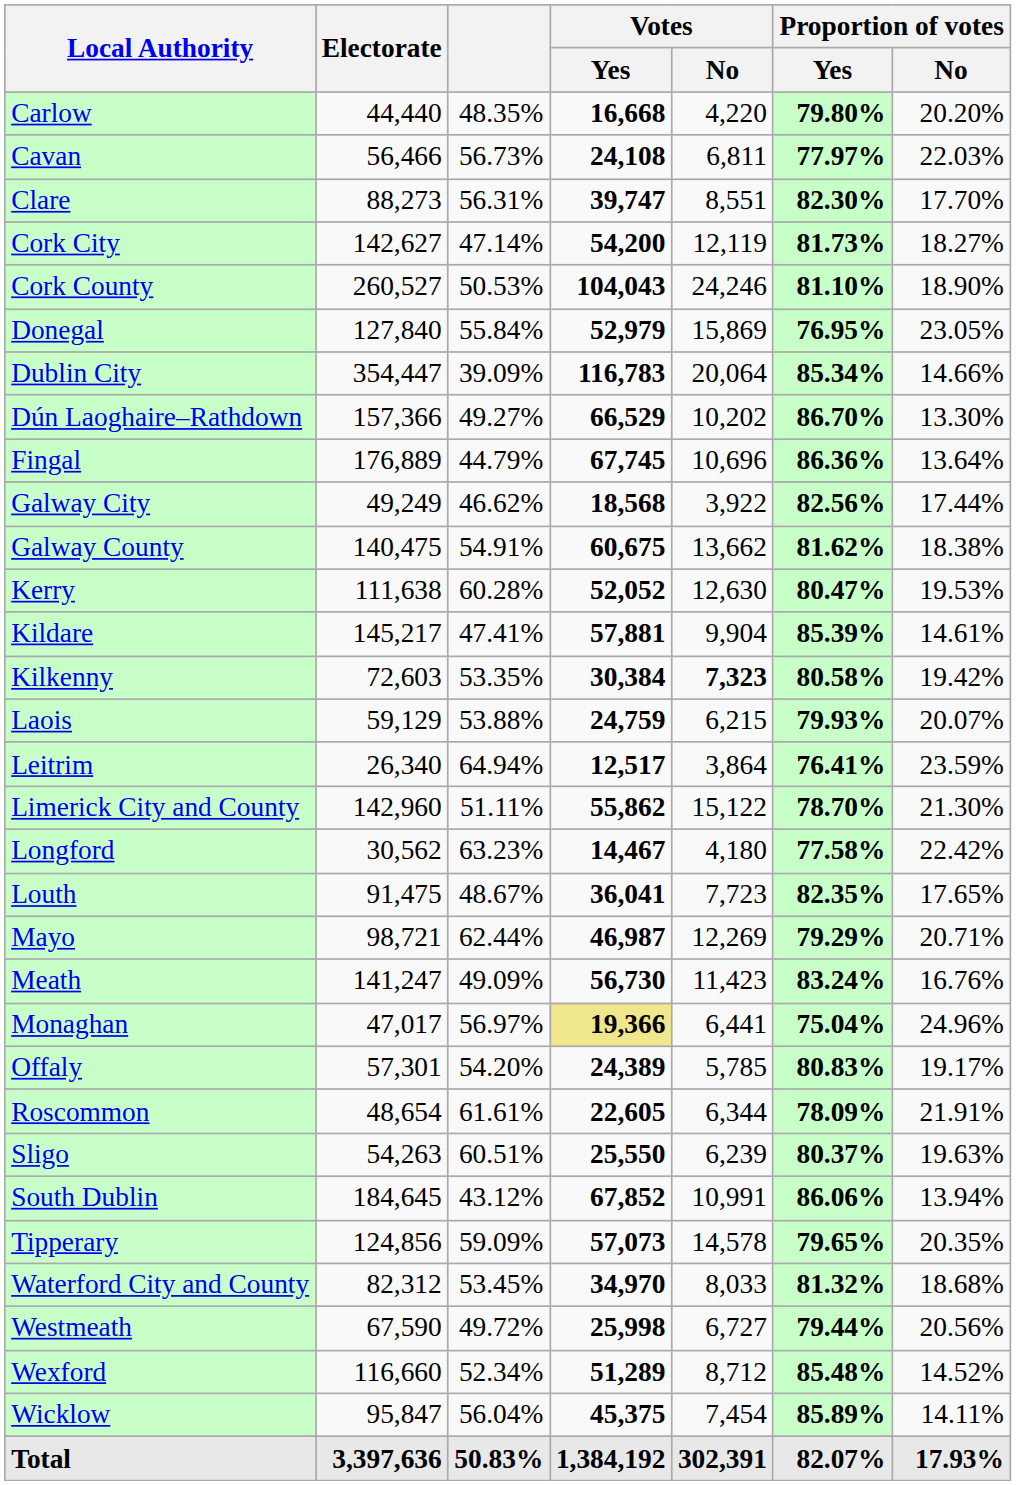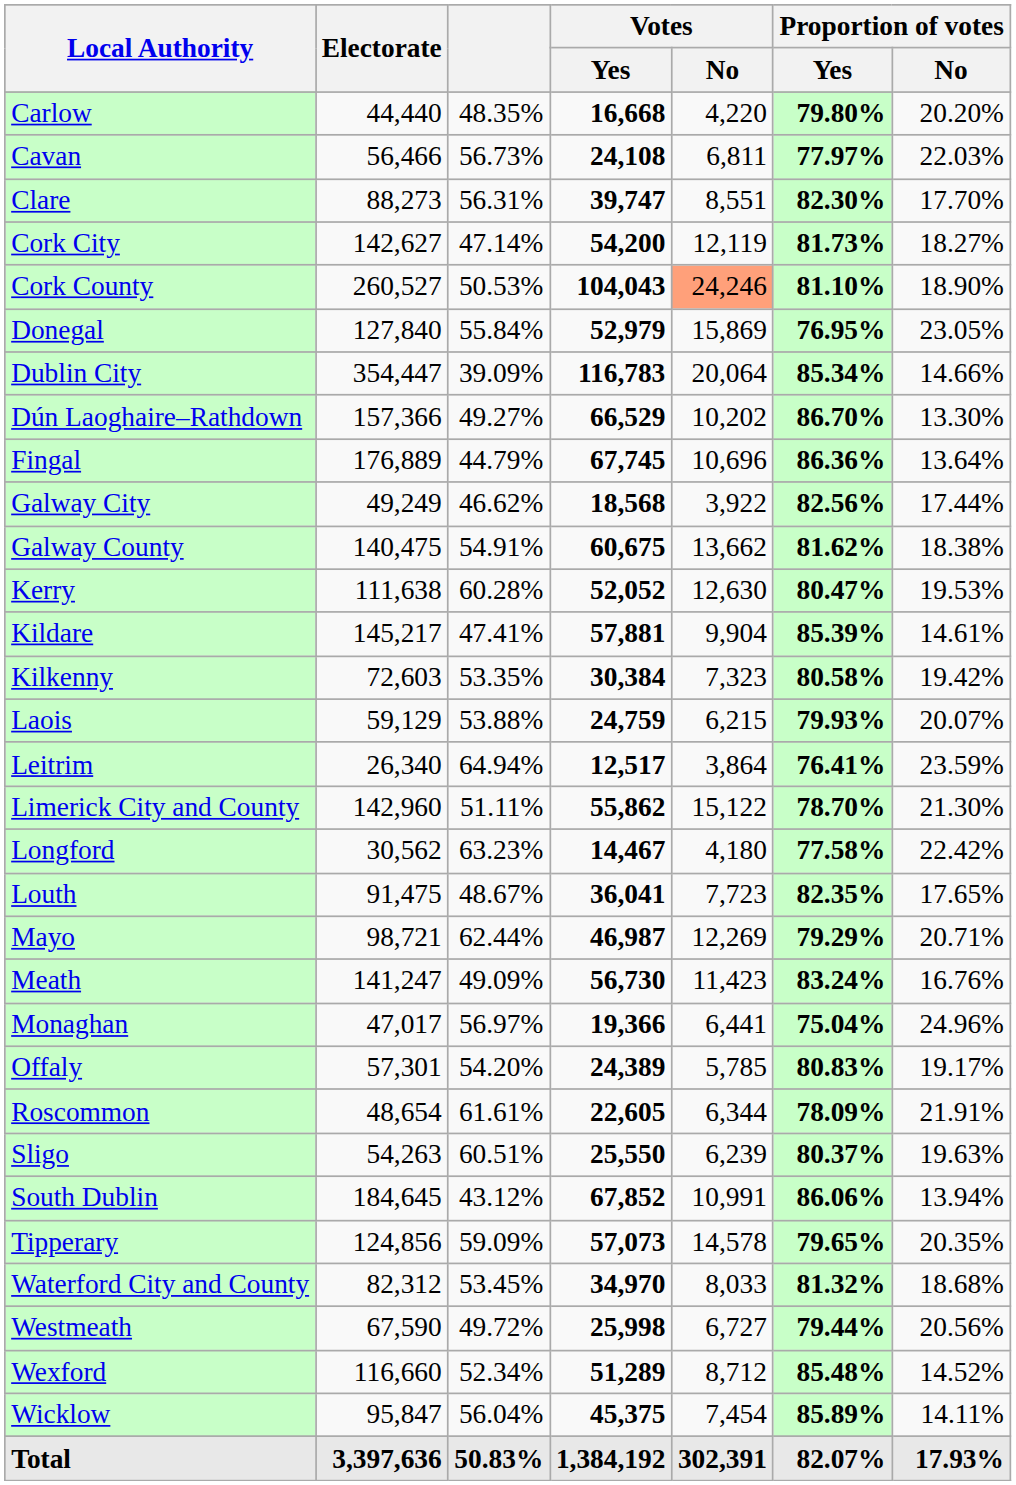 <table class="wikitable sortable">
 <tr>
 <th rowspan=2><a href='#'>Local Authority</a></th>
 <th rowspan=2>Electorate</th>
 <th rowspan=2></th>
 <th colspan=2>Votes</th>
 <th colspan=2>Proportion of votes</th>
 </tr>
 <tr>
 <th>Yes</th>
 <th>No</th>
 <th>Yes</th>
 <th>No</th>
 </tr>
 <tr>
 <td style="background:#c8ffc8;"><a href='#'>Carlow</a></td>
 <td style="text-align: right;">44,440</td>
 <td style="text-align: right;">48.35%</td>
 <td style="text-align: right;"><strong>16,668</strong></td>
 <td style="text-align: right;">4,220</td>
 <td style="text-align: right; background:#c8ffc8;"><strong>79.80%</strong></td>
 <td style="text-align: right;">20.20%</td>
 </tr>
 <tr>
 <td style="background:#c8ffc8;"><a href='#'>Cavan</a></td>
 <td style="text-align: right;">56,466</td>
 <td style="text-align: right;">56.73%</td>
 <td style="text-align: right;"><strong>24,108</strong></td>
 <td style="text-align: right;">6,811</td>
 <td style="text-align: right; background:#c8ffc8;"><strong>77.97%</strong></td>
 <td style="text-align: right;">22.03%</td>
 </tr>
 <tr>
 <td style="background:#c8ffc8;"><a href='#'>Clare</a></td>
 <td style="text-align: right;">88,273</td>
 <td style="text-align: right;">56.31%</td>
 <td style="text-align: right;"><strong>39,747</strong></td>
 <td style="text-align: right;">8,551</td>
 <td style="text-align: right; background:#c8ffc8;"><strong>82.30%</strong></td>
 <td style="text-align: right;">17.70%</td>
 </tr>
 <tr>
 <td style="background:#c8ffc8;"><a href='#'>Cork City</a></td>
 <td style="text-align: right;">142,627</td>
 <td style="text-align: right;">47.14%</td>
 <td style="text-align: right;"><strong>54,200</strong></td>
 <td style="text-align: right;">12,119</td>
 <td style="text-align: right; background:#c8ffc8;"><strong>81.73%</strong></td>
 <td style="text-align: right;">18.27%</td>
 </tr>
 <tr>
 <td style="background:#c8ffc8;"><a href='#'>Cork County</a></td>
 <td style="text-align: right;">260,527</td>
 <td style="text-align: right;">50.53%</td>
 <td style="text-align: right;"><strong>104,043</strong></td>
-<td style="text-align: right;">24,246</td>
+<td style="background: lightsalmon; text-align: right;">24,246</td>
 <td style="text-align: right; background:#c8ffc8;"><strong>81.10%</strong></td>
 <td style="text-align: right;">18.90%</td>
 </tr>
 <tr>
 <td style="background:#c8ffc8;"><a href='#'>Donegal</a></td>
 <td style="text-align: right;">127,840</td>
 <td style="text-align: right;">55.84%</td>
 <td style="text-align: right;"><strong>52,979</strong></td>
 <td style="text-align: right;">15,869</td>
 <td style="text-align: right; background:#c8ffc8;"><strong>76.95%</strong></td>
 <td style="text-align: right;">23.05%</td>
 </tr>
 <tr>
 <td style="background:#c8ffc8;"><a href='#'>Dublin City</a></td>
 <td style="text-align: right;">354,447</td>
 <td style="text-align: right;">39.09%</td>
 <td style="text-align: right;"><strong>116,783</strong></td>
 <td style="text-align: right;">20,064</td>
 <td style="text-align: right; background:#c8ffc8;"><strong>85.34%</strong></td>
 <td style="text-align: right;">14.66%</td>
 </tr>
 <tr>
 <td style="background:#c8ffc8;"><a href='#'>Dún Laoghaire–Rathdown</a></td>
 <td style="text-align: right;">157,366</td>
 <td style="text-align: right;">49.27%</td>
 <td style="text-align: right;"><strong>66,529</strong></td>
 <td style="text-align: right;">10,202</td>
 <td style="text-align: right; background:#c8ffc8;"><strong>86.70%</strong></td>
 <td style="text-align: right;">13.30%</td>
 </tr>
 <tr>
 <td style="background:#c8ffc8;"><a href='#'>Fingal</a></td>
 <td style="text-align: right;">176,889</td>
 <td style="text-align: right;">44.79%</td>
 <td style="text-align: right;"><strong>67,745</strong></td>
 <td style="text-align: right;">10,696</td>
 <td style="text-align: right; background:#c8ffc8;"><strong>86.36%</strong></td>
 <td style="text-align: right;">13.64%</td>
 </tr>
 <tr>
 <td style="background:#c8ffc8;"><a href='#'>Galway City</a></td>
 <td style="text-align: right;">49,249</td>
 <td style="text-align: right;">46.62%</td>
 <td style="text-align: right;"><strong>18,568</strong></td>
 <td style="text-align: right;">3,922</td>
 <td style="text-align: right; background:#c8ffc8;"><strong>82.56%</strong></td>
 <td style="text-align: right;">17.44%</td>
 </tr>
 <tr>
 <td style="background:#c8ffc8;"><a href='#'>Galway County</a></td>
 <td style="text-align: right;">140,475</td>
 <td style="text-align: right;">54.91%</td>
 <td style="text-align: right;"><strong>60,675</strong></td>
 <td style="text-align: right;">13,662</td>
 <td style="text-align: right; background:#c8ffc8;"><strong>81.62%</strong></td>
 <td style="text-align: right;">18.38%</td>
 </tr>
 <tr>
 <td style="background:#c8ffc8;"><a href='#'>Kerry</a></td>
 <td style="text-align: right;">111,638</td>
 <td style="text-align: right;">60.28%</td>
 <td style="text-align: right;"><strong>52,052</strong></td>
 <td style="text-align: right;">12,630</td>
 <td style="text-align: right; background:#c8ffc8;"><strong>80.47%</strong></td>
 <td style="text-align: right;">19.53%</td>
 </tr>
 <tr>
 <td style="background:#c8ffc8;"><a href='#'>Kildare</a></td>
 <td style="text-align: right;">145,217</td>
 <td style="text-align: right;">47.41%</td>
 <td style="text-align: right;"><strong>57,881</strong></td>
 <td style="text-align: right;">9,904</td>
 <td style="text-align: right; background:#c8ffc8;"><strong>85.39%</strong></td>
 <td style="text-align: right;">14.61%</td>
 </tr>
 <tr>
 <td style="background:#c8ffc8;"><a href='#'>Kilkenny</a></td>
 <td style="text-align: right;">72,603</td>
 <td style="text-align: right;">53.35%</td>
 <td style="text-align: right;"><strong>30,384</strong></td>
-<td style="text-align: right;"><strong>7,323</strong></td>
+<td style="text-align: right;">7,323</td>
 <td style="text-align: right; background:#c8ffc8;"><strong>80.58%</strong></td>
 <td style="text-align: right;">19.42%</td>
 </tr>
 <tr>
 <td style="background:#c8ffc8;"><a href='#'>Laois</a></td>
 <td style="text-align: right;">59,129</td>
 <td style="text-align: right;">53.88%</td>
 <td style="text-align: right;"><strong>24,759</strong></td>
 <td style="text-align: right;">6,215</td>
 <td style="text-align: right; background:#c8ffc8;"><strong>79.93%</strong></td>
 <td style="text-align: right;">20.07%</td>
 </tr>
 <tr>
 <td style="background:#c8ffc8;"><a href='#'>Leitrim</a></td>
 <td style="text-align: right;">26,340</td>
 <td style="text-align: right;">64.94%</td>
 <td style="text-align: right;"><strong>12,517</strong></td>
 <td style="text-align: right;">3,864</td>
 <td style="text-align: right; background:#c8ffc8;"><strong>76.41%</strong></td>
 <td style="text-align: right;">23.59%</td>
 </tr>
 <tr>
 <td style="background:#c8ffc8;"><a href='#'>Limerick City and County</a></td>
 <td style="text-align: right;">142,960</td>
 <td style="text-align: right;">51.11%</td>
 <td style="text-align: right;"><strong>55,862</strong></td>
 <td style="text-align: right;">15,122</td>
 <td style="text-align: right; background:#c8ffc8;"><strong>78.70%</strong></td>
 <td style="text-align: right;">21.30%</td>
 </tr>
 <tr>
 <td style="background:#c8ffc8;"><a href='#'>Longford</a></td>
 <td style="text-align: right;">30,562</td>
 <td style="text-align: right;">63.23%</td>
 <td style="text-align: right;"><strong>14,467</strong></td>
 <td style="text-align: right;">4,180</td>
 <td style="text-align: right; background:#c8ffc8;"><strong>77.58%</strong></td>
 <td style="text-align: right;">22.42%</td>
 </tr>
 <tr>
 <td style="background:#c8ffc8;"><a href='#'>Louth</a></td>
 <td style="text-align: right;">91,475</td>
 <td style="text-align: right;">48.67%</td>
 <td style="text-align: right;"><strong>36,041</strong></td>
 <td style="text-align: right;">7,723</td>
 <td style="text-align: right; background:#c8ffc8;"><strong>82.35%</strong></td>
 <td style="text-align: right;">17.65%</td>
 </tr>
 <tr>
 <td style="background:#c8ffc8;"><a href='#'>Mayo</a></td>
 <td style="text-align: right;">98,721</td>
 <td style="text-align: right;">62.44%</td>
 <td style="text-align: right;"><strong>46,987</strong></td>
 <td style="text-align: right;">12,269</td>
 <td style="text-align: right; background:#c8ffc8;"><strong>79.29%</strong></td>
 <td style="text-align: right;">20.71%</td>
 </tr>
 <tr>
 <td style="background:#c8ffc8;"><a href='#'>Meath</a></td>
 <td style="text-align: right;">141,247</td>
 <td style="text-align: right;">49.09%</td>
 <td style="text-align: right;"><strong>56,730</strong></td>
 <td style="text-align: right;">11,423</td>
 <td style="text-align: right; background:#c8ffc8;"><strong>83.24%</strong></td>
 <td style="text-align: right;">16.76%</td>
 </tr>
 <tr>
 <td style="background:#c8ffc8;"><a href='#'>Monaghan</a></td>
 <td style="text-align: right;">47,017</td>
 <td style="text-align: right;">56.97%</td>
-<td style="background: khaki; text-align: right;"><strong>19,366</strong></td>
+<td style="text-align: right;"><strong>19,366</strong></td>
 <td style="text-align: right;">6,441</td>
 <td style="text-align: right; background:#c8ffc8;"><strong>75.04%</strong></td>
 <td style="text-align: right;">24.96%</td>
 </tr>
 <tr>
 <td style="background:#c8ffc8;"><a href='#'>Offaly</a></td>
 <td style="text-align: right;">57,301</td>
 <td style="text-align: right;">54.20%</td>
 <td style="text-align: right;"><strong>24,389</strong></td>
 <td style="text-align: right;">5,785</td>
 <td style="text-align: right; background:#c8ffc8;"><strong>80.83%</strong></td>
 <td style="text-align: right;">19.17%</td>
 </tr>
 <tr>
 <td style="background:#c8ffc8;"><a href='#'>Roscommon</a></td>
 <td style="text-align: right;">48,654</td>
 <td style="text-align: right;">61.61%</td>
 <td style="text-align: right;"><strong>22,605</strong></td>
 <td style="text-align: right;">6,344</td>
 <td style="text-align: right; background:#c8ffc8;"><strong>78.09%</strong></td>
 <td style="text-align: right;">21.91%</td>
 </tr>
 <tr>
 <td style="background:#c8ffc8;"><a href='#'>Sligo</a></td>
 <td style="text-align: right;">54,263</td>
 <td style="text-align: right;">60.51%</td>
 <td style="text-align: right;"><strong>25,550</strong></td>
 <td style="text-align: right;">6,239</td>
 <td style="text-align: right; background:#c8ffc8;"><strong>80.37%</strong></td>
 <td style="text-align: right;">19.63%</td>
 </tr>
 <tr>
 <td style="background:#c8ffc8;"><a href='#'>South Dublin</a></td>
 <td style="text-align: right;">184,645</td>
 <td style="text-align: right;">43.12%</td>
 <td style="text-align: right;"><strong>67,852</strong></td>
 <td style="text-align: right;">10,991</td>
 <td style="text-align: right; background:#c8ffc8;"><strong>86.06%</strong></td>
 <td style="text-align: right;">13.94%</td>
 </tr>
 <tr>
 <td style="background:#c8ffc8;"><a href='#'>Tipperary</a></td>
 <td style="text-align: right;">124,856</td>
 <td style="text-align: right;">59.09%</td>
 <td style="text-align: right;"><strong>57,073</strong></td>
 <td style="text-align: right;">14,578</td>
 <td style="text-align: right; background:#c8ffc8;"><strong>79.65%</strong></td>
 <td style="text-align: right;">20.35%</td>
 </tr>
 <tr>
 <td style="background:#c8ffc8;"><a href='#'>Waterford City and County</a></td>
 <td style="text-align: right;">82,312</td>
 <td style="text-align: right;">53.45%</td>
 <td style="text-align: right;"><strong>34,970</strong></td>
 <td style="text-align: right;">8,033</td>
 <td style="text-align: right; background:#c8ffc8;"><strong>81.32%</strong></td>
 <td style="text-align: right;">18.68%</td>
 </tr>
 <tr>
 <td style="background:#c8ffc8;"><a href='#'>Westmeath</a></td>
 <td style="text-align: right;">67,590</td>
 <td style="text-align: right;">49.72%</td>
 <td style="text-align: right;"><strong>25,998</strong></td>
 <td style="text-align: right;">6,727</td>
 <td style="text-align: right; background:#c8ffc8;"><strong>79.44%</strong></td>
 <td style="text-align: right;">20.56%</td>
 </tr>
 <tr>
 <td style="background:#c8ffc8;"><a href='#'>Wexford</a></td>
 <td style="text-align: right;">116,660</td>
 <td style="text-align: right;">52.34%</td>
 <td style="text-align: right;"><strong>51,289</strong></td>
 <td style="text-align: right;">8,712</td>
 <td style="text-align: right; background:#c8ffc8;"><strong>85.48%</strong></td>
 <td style="text-align: right;">14.52%</td>
 </tr>
 <tr>
 <td style="background:#c8ffc8;"><a href='#'>Wicklow</a></td>
 <td style="text-align: right;">95,847</td>
 <td style="text-align: right;">56.04%</td>
 <td style="text-align: right;"><strong>45,375</strong></td>
 <td style="text-align: right;">7,454</td>
 <td style="text-align: right; background:#c8ffc8;"><strong>85.89%</strong></td>
 <td style="text-align: right;">14.11%</td>
 </tr>
 <tr class="sortbottom" style="font-weight:bold; background:rgb(232,232,232);">
 <td>Total</td>
 <td style="text-align: right;">3,397,636</td>
 <td style="text-align: right;">50.83%</td>
 <td style="text-align: right;">1,384,192</td>
 <td style="text-align: right;">302,391</td>
 <td style="text-align: right;">82.07%</td>
 <td style="text-align: right;">17.93%</td>
 </tr>
 </table>
